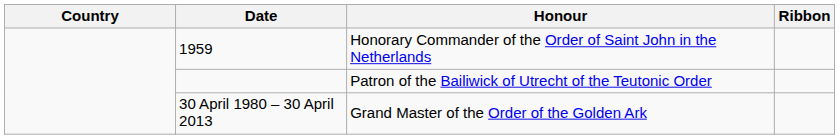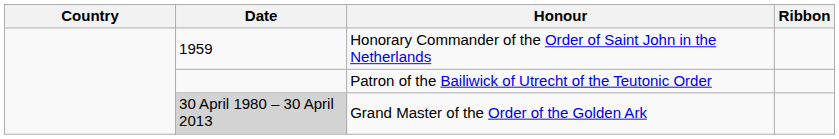 <table class="wikitable sortable plainrowheaders" width="100%" style="margin:0.5em 1em 0.5em 0; border:1px solid #005566; border-collapse:collapse;">
 <tr>
 <th width="20%"><span>Country</span></th>
 <th width="20%"><span>Date</span></th>
 <th width="50%"><span>Honour</span></th>
 <th width="5%"><span>Ribbon</span></th>
 </tr>
 <tr>
 <td rowspan="3"></td>
 <td>1959</td>
 <td>Honorary Commander of the <a href='#'>Order of Saint John in the Netherlands</a></td>
 <td></td>
 </tr>
 <tr>
 <td></td>
 <td>Patron of the <a href='#'>Bailiwick of Utrecht of the Teutonic Order</a></td>
 <td></td>
 </tr>
 <tr>
-<td>30 April 1980 – 30 April 2013</td>
+<td style="background: lightgrey;">30 April 1980 – 30 April 2013</td>
 <td>Grand Master of the <a href='#'>Order of the Golden Ark</a></td>
 <td></td>
 </tr>
 </table>
